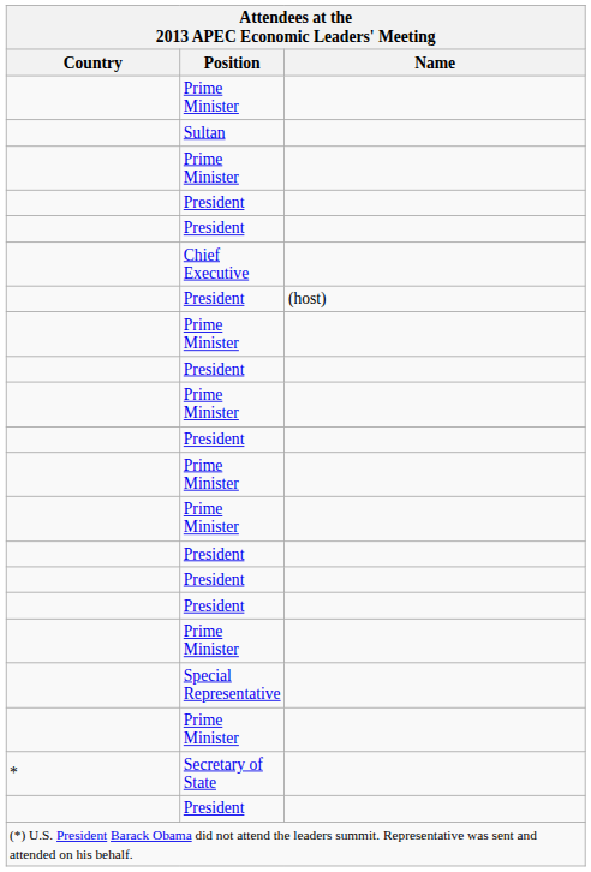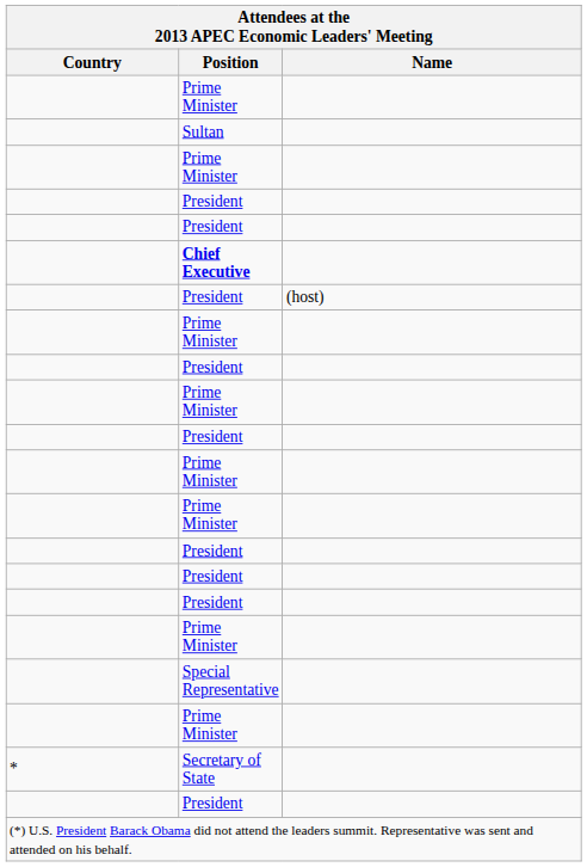 <table class="wikitable collapsible sortable collapsed" style="margin:1em auto; width:45%;">
 <tr>
 <th colspan=4>Attendees at the<br> 2013 APEC Economic Leaders' Meeting</th>
 </tr>
 <tr>
 <th width=30%>Country</th>
 <th width=10%>Position</th>
 <th>Name</th>
 </tr>
 <tr>
 <td></td>
 <td><a href='#'>Prime Minister</a></td>
 <td></td>
 </tr>
 <tr>
 <td></td>
 <td><a href='#'>Sultan</a></td>
 <td></td>
 </tr>
 <tr>
 <td></td>
 <td><a href='#'>Prime Minister</a></td>
 <td></td>
 </tr>
 <tr>
 <td></td>
 <td><a href='#'>President</a></td>
 <td></td>
 </tr>
 <tr>
 <td></td>
 <td><a href='#'>President</a></td>
 <td></td>
 </tr>
 <tr>
 <td></td>
-<td><a href='#'>Chief Executive</a></td>
+<td><strong><a href='#'>Chief Executive</a></strong></td>
 <td></td>
 </tr>
 <tr>
 <td></td>
 <td><a href='#'>President</a></td>
 <td> (host)</td>
 </tr>
 <tr>
 <td></td>
 <td><a href='#'>Prime Minister</a></td>
 <td></td>
 </tr>
 <tr>
 <td></td>
 <td><a href='#'>President</a></td>
 <td></td>
 </tr>
 <tr>
 <td></td>
 <td><a href='#'>Prime Minister</a></td>
 <td></td>
 </tr>
 <tr>
 <td></td>
 <td><a href='#'>President</a></td>
 <td></td>
 </tr>
 <tr>
 <td></td>
 <td><a href='#'>Prime Minister</a></td>
 <td></td>
 </tr>
 <tr>
 <td></td>
 <td><a href='#'>Prime Minister</a></td>
 <td></td>
 </tr>
 <tr>
 <td></td>
 <td><a href='#'>President</a></td>
 <td></td>
 </tr>
 <tr>
 <td></td>
 <td><a href='#'>President</a></td>
 <td></td>
 </tr>
 <tr>
 <td></td>
 <td><a href='#'>President</a></td>
 <td></td>
 </tr>
 <tr>
 <td></td>
 <td><a href='#'>Prime Minister</a></td>
 <td></td>
 </tr>
 <tr>
 <td></td>
 <td><a href='#'>Special Representative</a></td>
 <td></td>
 </tr>
 <tr>
 <td></td>
 <td><a href='#'>Prime Minister</a></td>
 <td></td>
 </tr>
 <tr>
 <td>*</td>
 <td><a href='#'>Secretary of State</a></td>
 <td></td>
 </tr>
 <tr>
 <td></td>
 <td><a href='#'>President</a></td>
 <td></td>
 </tr>
 <tr>
 <td colspan=3><small>(*) U.S. <a href='#'>President</a> <a href='#'>Barack Obama</a> did not attend the leaders summit. Representative was sent and attended on his behalf.</small></td>
 </tr>
 </table>
